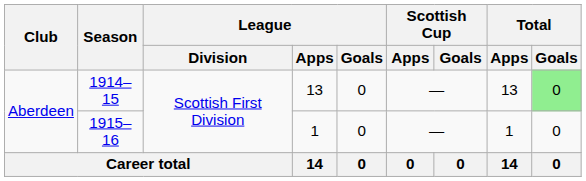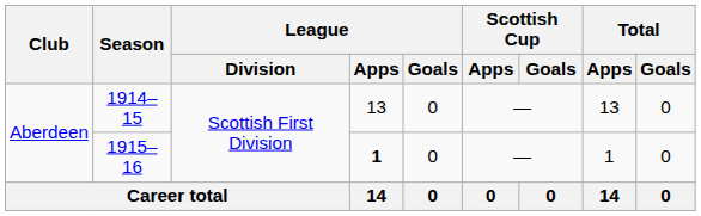 <table class="wikitable" style="text-align: center;">
 <tr>
 <th rowspan="2">Club</th>
 <th rowspan="2">Season</th>
 <th colspan="3">League</th>
 <th colspan="2">Scottish Cup</th>
 <th colspan="2">Total</th>
 </tr>
 <tr>
 <th>Division</th>
 <th>Apps</th>
 <th>Goals</th>
 <th>Apps</th>
 <th>Goals</th>
 <th>Apps</th>
 <th>Goals</th>
 </tr>
 <tr>
 <td rowspan="2"><a href='#'>Aberdeen</a></td>
 <td><a href='#'>1914–15</a></td>
 <td rowspan="2"><a href='#'>Scottish First Division</a></td>
 <td>13</td>
 <td>0</td>
 <td colspan="2">—</td>
 <td>13</td>
-<td style="background: lightgreen;">0</td>
+<td>0</td>
 </tr>
 <tr>
 <td><a href='#'>1915–16</a></td>
-<td>1</td>
+<td><strong>1</strong></td>
 <td>0</td>
 <td colspan="2">—</td>
 <td>1</td>
 <td>0</td>
 </tr>
 <tr>
 <th colspan="3">Career total</th>
 <th>14</th>
 <th>0</th>
 <th>0</th>
 <th>0</th>
 <th>14</th>
 <th>0</th>
 </tr>
 </table>
